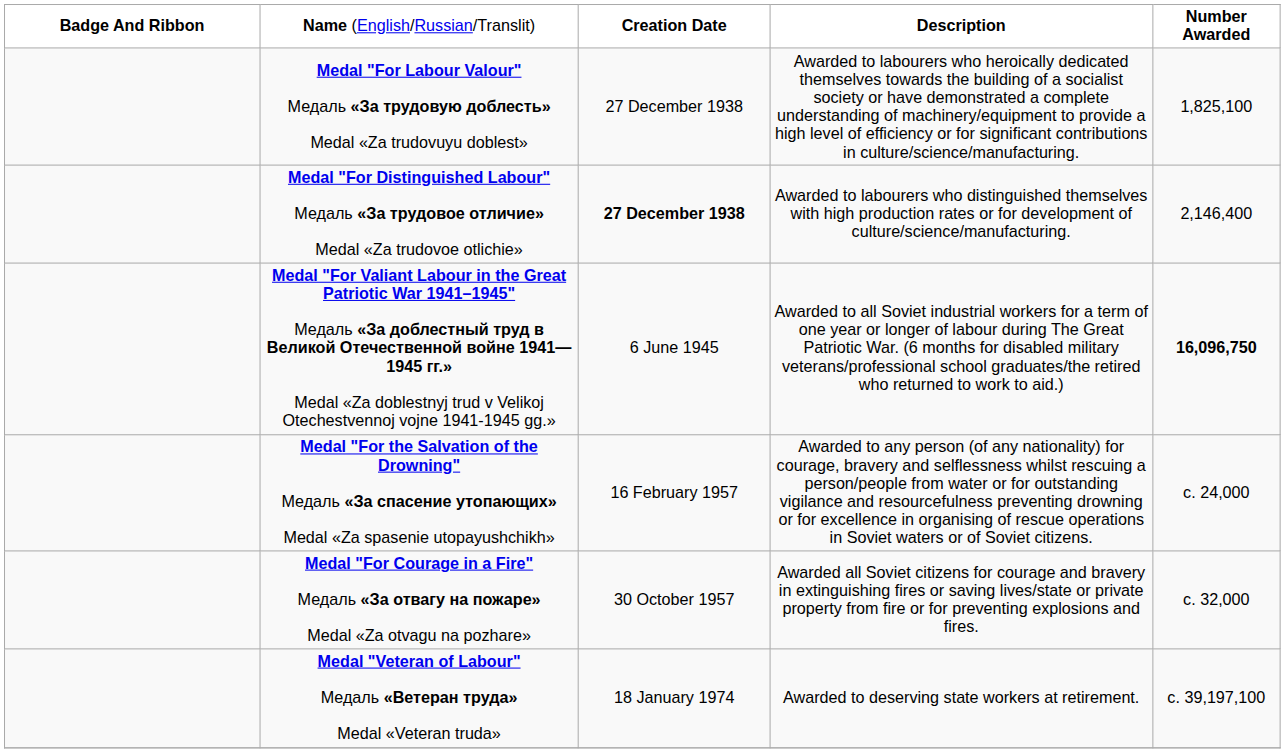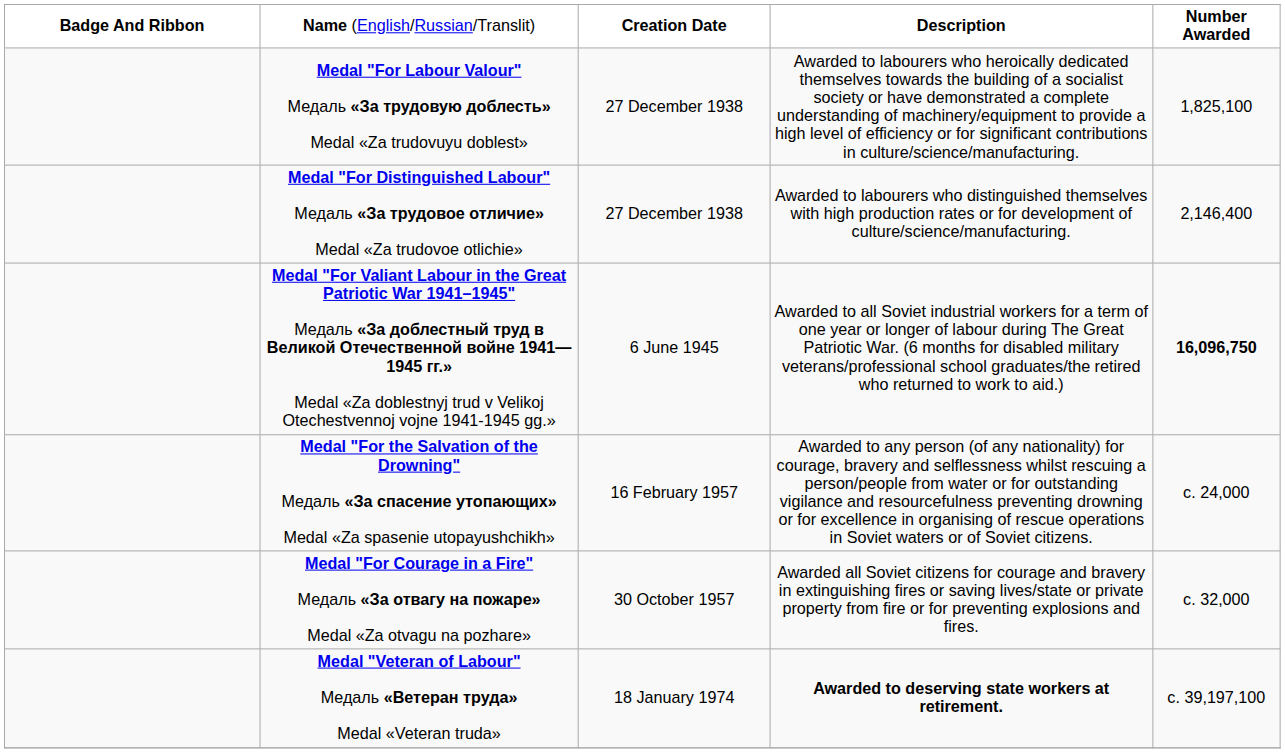 <table class="wikitable" width="100%" style="text-align:center;">
 <tr>
 <td width="20%" bgcolor="#FFFFFF"><strong>Badge And Ribbon</strong></td>
 <td width="25%" bgcolor="#FFFFFF"><strong>Name</strong> (<a href='#'>English</a>/<a href='#'>Russian</a>/Translit)</td>
 <td width="15%" bgcolor="#FFFFFF"><strong>Creation Date</strong></td>
 <td width="30%" bgcolor="#FFFFFF"><strong>Description</strong></td>
 <td width="10%" bgcolor="#FFFFFF"><strong>Number Awarded</strong></td>
 </tr>
 <tr>
 <td><br><br><br></td>
 <td><strong><a href='#'>Medal "For Labour Valour"</a></strong><br><br>Медаль <strong>«За трудовую доблесть»</strong><br><br>Medal «Za trudovuyu doblest»</td>
 <td>27 December 1938</td>
 <td>Awarded to labourers who heroically dedicated themselves towards the building of a socialist society  or have demonstrated a complete understanding of machinery/equipment to provide a high level of efficiency or for significant contributions in culture/science/manufacturing.</td>
 <td>1,825,100</td>
 </tr>
 <tr>
 <td><br><br></td>
 <td><strong><a href='#'>Medal "For Distinguished Labour"</a></strong><br><br>Медаль <strong>«За трудовое отличие»</strong><br><br>Medal «Za trudovoe otlichie»</td>
-<td><strong>27 December 1938</strong></td>
+<td>27 December 1938</td>
 <td>Awarded to labourers who distinguished themselves with high production rates or for development of culture/science/manufacturing.</td>
 <td>2,146,400</td>
 </tr>
 <tr>
 <td><br><br></td>
 <td><strong><a href='#'>Medal "For Valiant Labour in the Great Patriotic War 1941–1945"</a></strong><br><br>Медаль <strong>«За доблестный труд в Великой Отечественной войне 1941—1945 гг.»</strong><br><br>Medal «Za doblestnyj trud v Velikoj Otechestvennoj vojne 1941-1945 gg.»</td>
 <td>6 June 1945</td>
 <td>Awarded to all Soviet industrial workers for a term of one year or longer of labour during The Great Patriotic War. (6 months for disabled military veterans/professional school graduates/the retired who returned to work to aid.)</td>
 <td><strong>16,096,750</strong></td>
 </tr>
 <tr>
 <td><br></td>
 <td><strong><a href='#'>Medal "For the Salvation of the Drowning"</a></strong><br><br>Медаль <strong>«За спасение утопающих»</strong><br><br>Medal «Za spasenie utopayushchikh»</td>
 <td>16 February 1957</td>
 <td>Awarded to any person (of any nationality) for courage, bravery and selflessness whilst rescuing a person/people from water or for outstanding vigilance and resourcefulness preventing drowning or for excellence in organising of rescue operations in Soviet waters or of Soviet citizens.</td>
 <td>c. 24,000</td>
 </tr>
 <tr>
 <td><br></td>
 <td><strong><a href='#'>Medal "For Courage in a Fire"</a></strong><br><br>Медаль <strong>«За отвагу на пожаре»</strong><br><br>Medal «Za otvagu na pozhare»</td>
 <td>30 October 1957</td>
 <td>Awarded all Soviet citizens for courage and bravery in extinguishing fires or saving lives/state or private property from fire or for preventing explosions and fires.</td>
 <td>c. 32,000</td>
 </tr>
 <tr>
 <td><br></td>
 <td><strong><a href='#'>Medal "Veteran of Labour"</a></strong><br><br>Медаль <strong>«Ветеран труда»</strong><br><br>Medal «Veteran truda»</td>
 <td>18 January 1974</td>
-<td>Awarded to deserving state workers at retirement.</td>
+<td><strong>Awarded to deserving state workers at retirement.</strong></td>
 <td>c. 39,197,100</td>
 </tr>
 <tr>
 </tr>
 </table>
